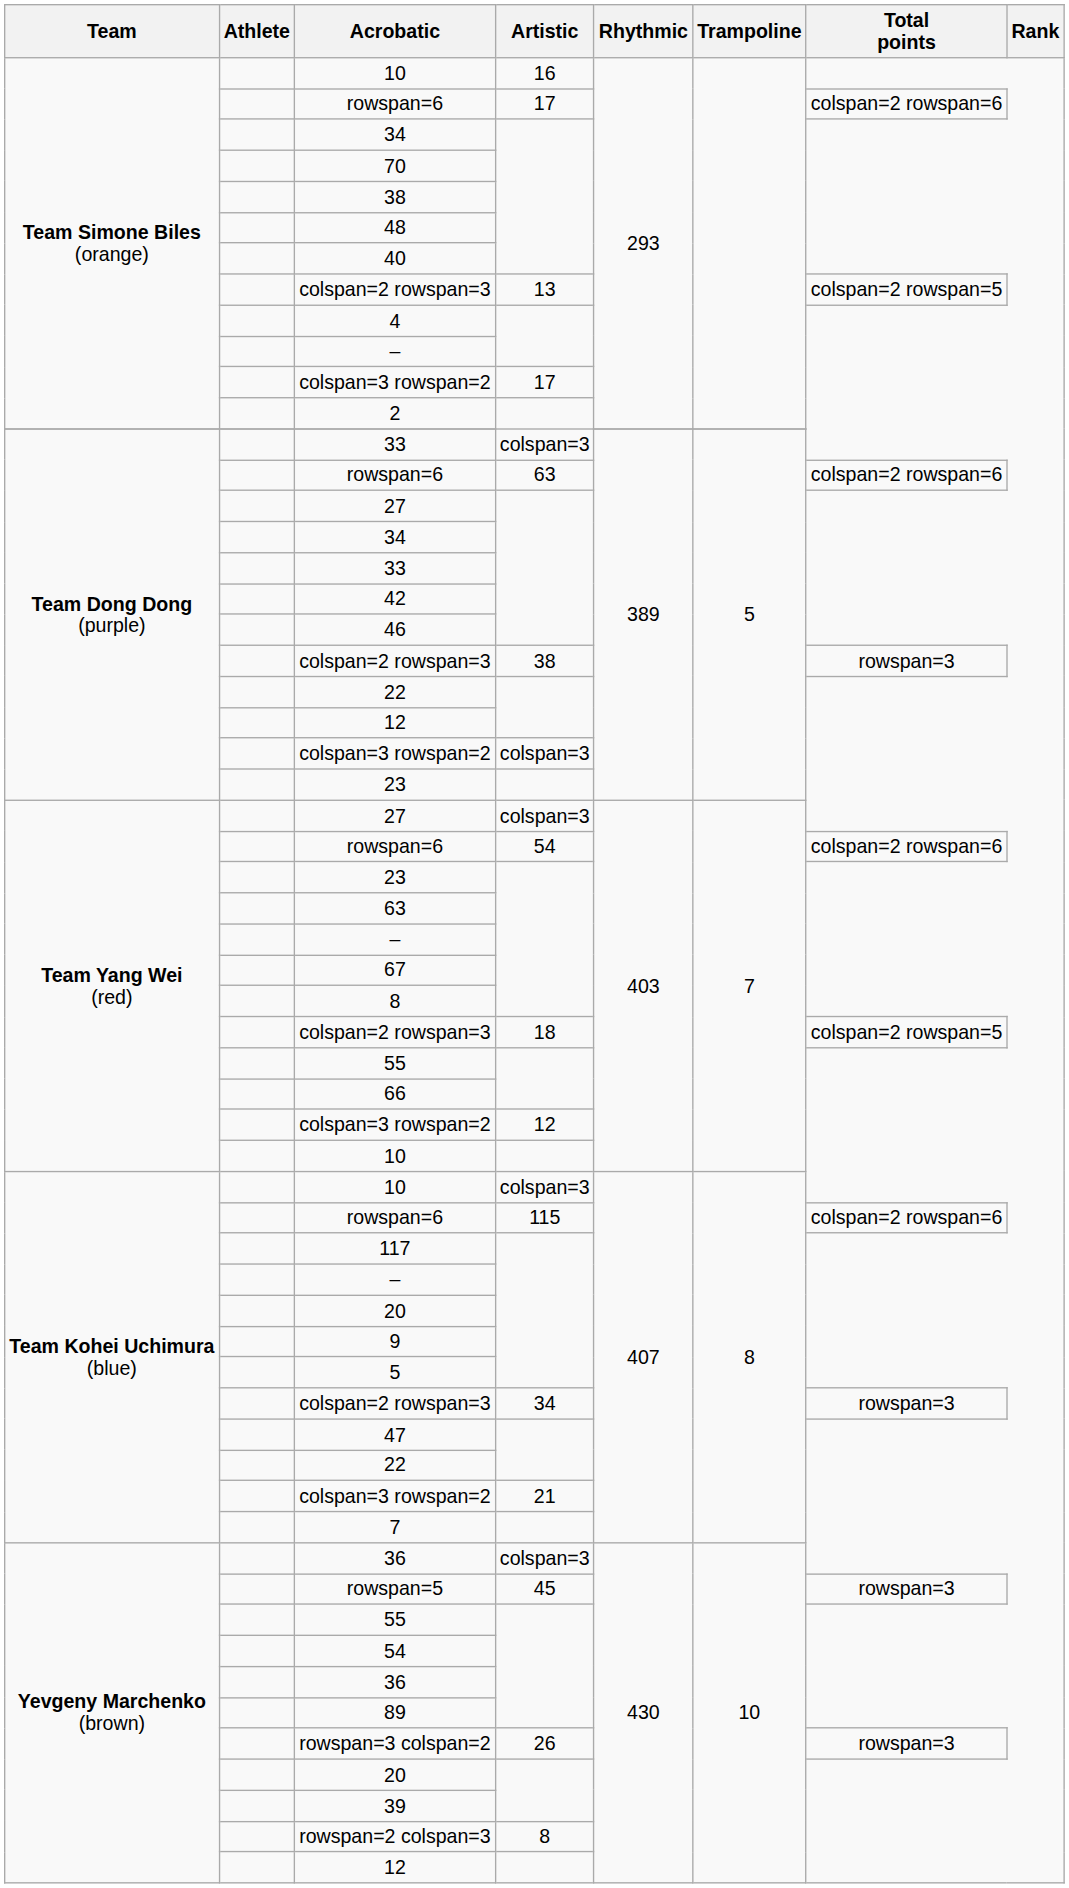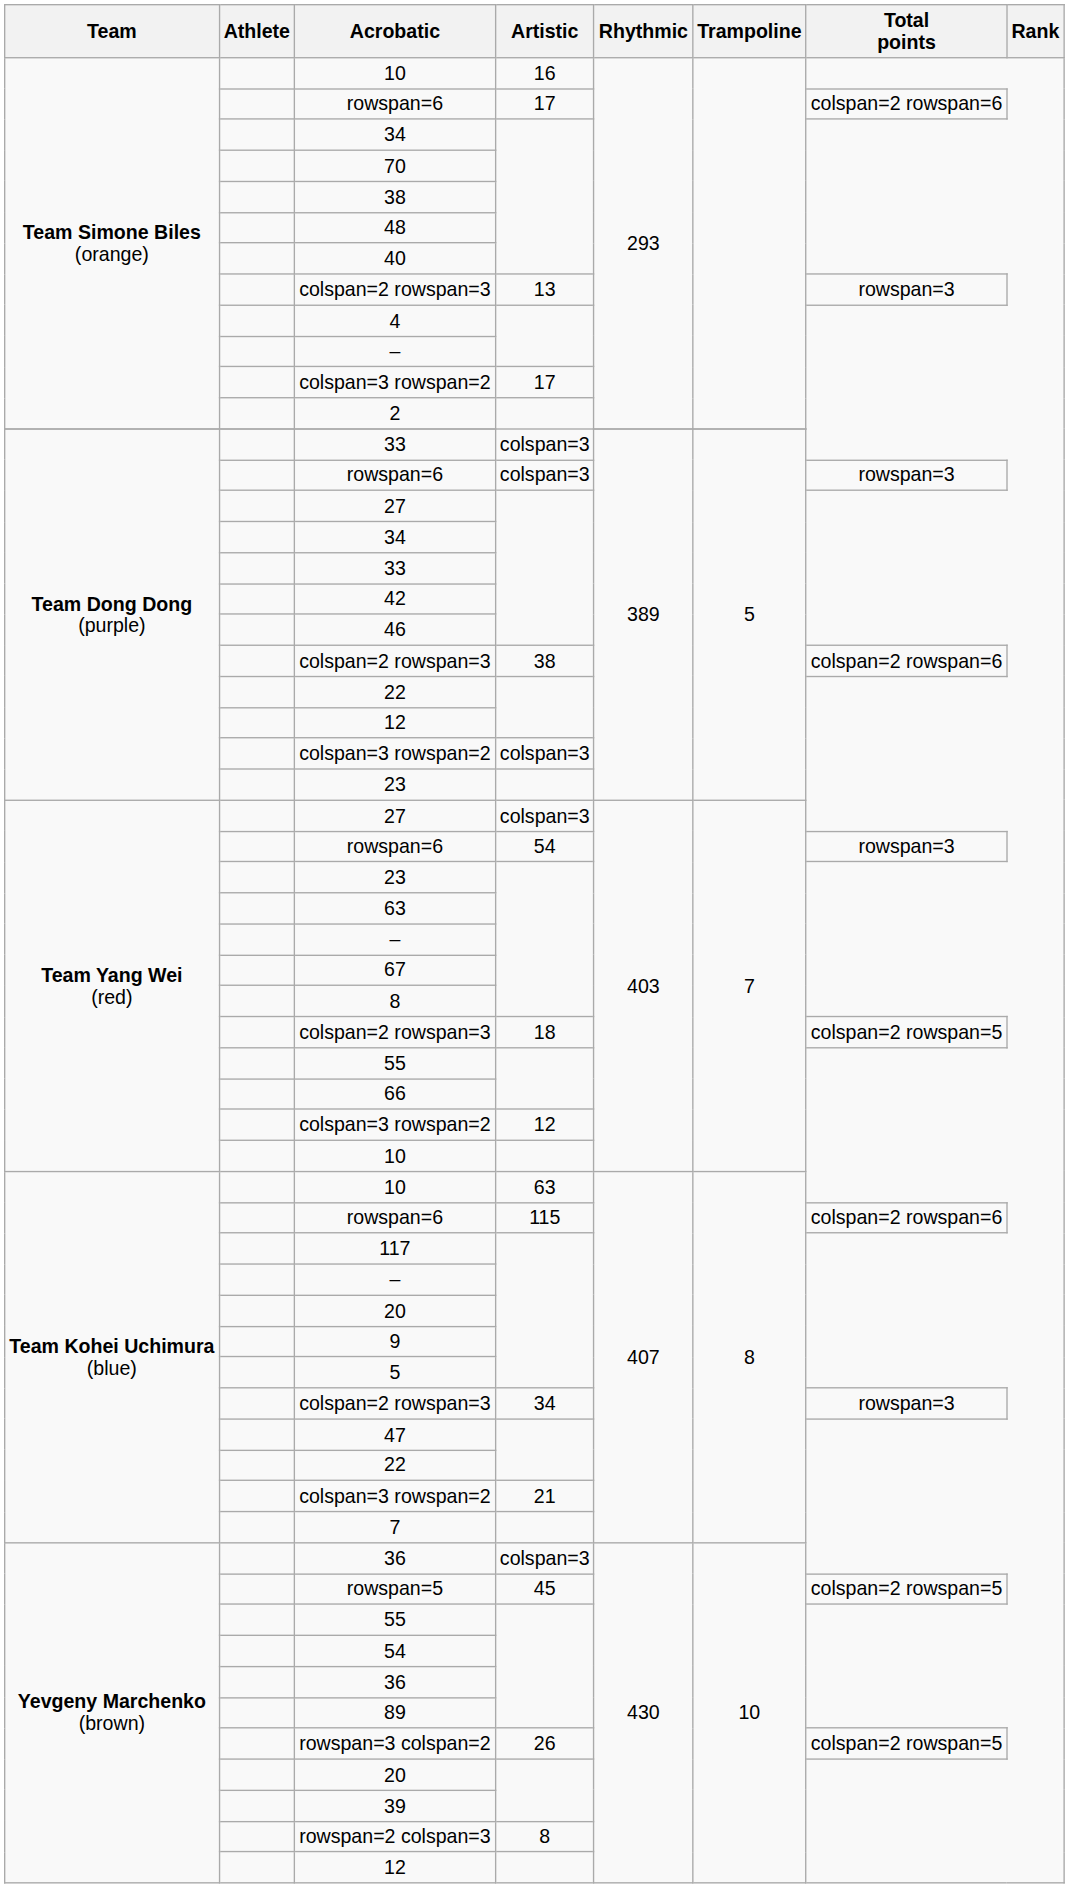 <table class="wikitable" style="text-align:center;font-size:90%">
 <tr>
 <th>Team</th>
 <th>Athlete</th>
 <th>Acrobatic</th>
 <th>Artistic</th>
 <th>Rhythmic</th>
 <th>Trampoline</th>
 <th>Total<br>points</th>
 <th>Rank</th>
 </tr>
 <tr>
 <td rowspan=12><strong>Team Simone Biles</strong><br>(orange)</td>
 <td align=left><br></td>
 <td>10</td>
 <td>16</td>
 <td rowspan=12>293</td>
 <td rowspan=12></td>
 </tr>
 <tr>
 <td align=left></td>
 <td>rowspan=6 </td>
 <td>17</td>
 <td>colspan=2 rowspan=6 </td>
 </tr>
 <tr>
 <td align=left></td>
 <td>34</td>
 </tr>
 <tr>
 <td align=left></td>
 <td>70</td>
 </tr>
 <tr>
 <td align=left></td>
 <td>38</td>
 </tr>
 <tr>
 <td align=left></td>
 <td>48</td>
 </tr>
 <tr>
 <td align=left></td>
 <td>40</td>
 </tr>
 <tr>
 <td align=left></td>
 <td>colspan=2 rowspan=3 </td>
 <td>13</td>
-<td>colspan=2 rowspan=5 </td>
+<td>rowspan=3 </td>
 </tr>
 <tr>
 <td align=left></td>
 <td>4</td>
 </tr>
 <tr>
 <td align=left></td>
 <td>–</td>
 </tr>
 <tr>
 <td align=left></td>
 <td>colspan=3 rowspan=2 </td>
 <td>17</td>
 </tr>
 <tr>
 <td align=left></td>
 <td>2</td>
 </tr>
 <tr>
 </tr>
 <tr align=center>
 <td rowspan=12><strong>Team Dong Dong</strong><br>(purple)</td>
 <td align=left><br></td>
 <td>33</td>
 <td>colspan=3 </td>
 <td rowspan=12>389</td>
 <td rowspan=12>5</td>
 </tr>
 <tr align=center>
 <td align=left></td>
 <td>rowspan=6 </td>
-<td>63</td>
-<td>colspan=2 rowspan=6 </td>
+<td>colspan=3 </td>
+<td>rowspan=3 </td>
 </tr>
 <tr align=center>
 <td align=left></td>
 <td>27</td>
 </tr>
 <tr align=center>
 <td align=left></td>
 <td>34</td>
 </tr>
 <tr align=center>
 <td align=left></td>
 <td>33</td>
 </tr>
 <tr align=center>
 <td align=left></td>
 <td>42</td>
 </tr>
 <tr align=center>
 <td align=left></td>
 <td>46</td>
 </tr>
 <tr align=center>
 <td align=left></td>
 <td>colspan=2 rowspan=3 </td>
 <td>38</td>
-<td>rowspan=3 </td>
+<td>colspan=2 rowspan=6 </td>
 </tr>
 <tr align=center>
 <td align=left></td>
 <td>22</td>
 </tr>
 <tr align=center>
 <td align=left></td>
 <td>12</td>
 </tr>
 <tr align=center>
 <td align=left></td>
 <td>colspan=3 rowspan=2 </td>
 <td>colspan=3 </td>
 </tr>
 <tr align=center>
 <td align=left></td>
 <td>23</td>
 </tr>
 <tr align=center>
 <td rowspan=12><strong>Team Yang Wei</strong><br>(red)</td>
 <td align=left><br></td>
 <td>27</td>
 <td>colspan=3 </td>
 <td rowspan=12>403</td>
 <td rowspan=12>7</td>
 </tr>
 <tr align=center>
 <td align=left></td>
 <td>rowspan=6 </td>
 <td>54</td>
-<td>colspan=2 rowspan=6 </td>
+<td>rowspan=3 </td>
 </tr>
 <tr align=center>
 <td align=left></td>
 <td>23</td>
 </tr>
 <tr align=center>
 <td align=left></td>
 <td>63</td>
 </tr>
 <tr align=center>
 <td align=left></td>
 <td>–</td>
 </tr>
 <tr align=center>
 <td align=left></td>
 <td>67</td>
 </tr>
 <tr align=center>
 <td align=left></td>
 <td>8</td>
 </tr>
 <tr align=center>
 <td align=left></td>
 <td>colspan=2 rowspan=3 </td>
 <td>18</td>
 <td>colspan=2 rowspan=5 </td>
 </tr>
 <tr align=center>
 <td align=left></td>
 <td>55</td>
 </tr>
 <tr align=center>
 <td align=left></td>
 <td>66</td>
 </tr>
 <tr align=center>
 <td align=left></td>
 <td>colspan=3 rowspan=2 </td>
 <td>12</td>
 </tr>
 <tr align=center>
 <td align=left></td>
 <td>10</td>
 </tr>
 <tr align=center>
 <td rowspan=12><strong>Team Kohei Uchimura</strong><br>(blue)</td>
 <td align=left><br></td>
 <td>10</td>
-<td>colspan=3 </td>
+<td>63</td>
 <td rowspan=12>407</td>
 <td rowspan=12>8</td>
 </tr>
 <tr align=center>
 <td align=left></td>
 <td>rowspan=6 </td>
 <td>115</td>
 <td>colspan=2 rowspan=6 </td>
 </tr>
 <tr align=center>
 <td align=left></td>
 <td>117</td>
 </tr>
 <tr align=center>
 <td align=left></td>
 <td>–</td>
 </tr>
 <tr align=center>
 <td align=left></td>
 <td>20</td>
 </tr>
 <tr align=center>
 <td align=left></td>
 <td>9</td>
 </tr>
 <tr align=center>
 <td align=left></td>
 <td>5</td>
 </tr>
 <tr align=center>
 <td align=left></td>
 <td>colspan=2 rowspan=3 </td>
 <td>34</td>
 <td>rowspan=3 </td>
 </tr>
 <tr align=center>
 <td align=left></td>
 <td>47</td>
 </tr>
 <tr align=center>
 <td align=left></td>
 <td>22</td>
 </tr>
 <tr align=center>
 <td align=left></td>
 <td>colspan=3 rowspan=2 </td>
 <td>21</td>
 </tr>
 <tr align=center>
 <td align=left></td>
 <td>7</td>
 </tr>
 <tr align=center>
 <td rowspan=12><strong>Yevgeny Marchenko</strong><br>(brown)</td>
 <td align=left><br></td>
 <td>36</td>
 <td>colspan=3 </td>
 <td rowspan=12>430</td>
 <td rowspan=12>10</td>
 </tr>
 <tr align=center>
 <td align=left></td>
 <td>rowspan=5 </td>
 <td>45</td>
-<td>rowspan=3 </td>
+<td>colspan=2 rowspan=5 </td>
 </tr>
 <tr align=center>
 <td align=left></td>
 <td>55</td>
 </tr>
 <tr align=center>
 <td align=left></td>
 <td>54</td>
 </tr>
 <tr align=center>
 <td align=left></td>
 <td>36</td>
 </tr>
 <tr align=center>
 <td align=left></td>
 <td>89</td>
 </tr>
 <tr align=center>
 <td align=left></td>
 <td>rowspan=3 colspan=2 </td>
 <td>26</td>
-<td>rowspan=3 </td>
+<td>colspan=2 rowspan=5 </td>
 </tr>
 <tr align=center>
 <td align=left></td>
 <td>20</td>
 </tr>
 <tr align=center>
 <td align=left></td>
 <td>39</td>
 </tr>
 <tr align=center>
 <td align=left></td>
 <td>rowspan=2 colspan=3 </td>
 <td>8</td>
 </tr>
 <tr align=center>
 <td align=left></td>
 <td>12</td>
 </tr>
 </table>
